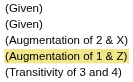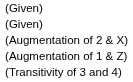 <table>
 <tr>
 <td></td>
 <td>(Given)</td>
 </tr>
 <tr>
 <td></td>
 <td>(Given)</td>
 </tr>
 <tr>
 <td></td>
 <td>(Augmentation of 2 & X)</td>
 </tr>
 <tr>
 <td></td>
-<td style="background: khaki;">(Augmentation of 1 & Z)</td>
+<td>(Augmentation of 1 & Z)</td>
 </tr>
 <tr>
 <td></td>
 <td>(Transitivity of 3 and 4)</td>
 </tr>
 </table>
